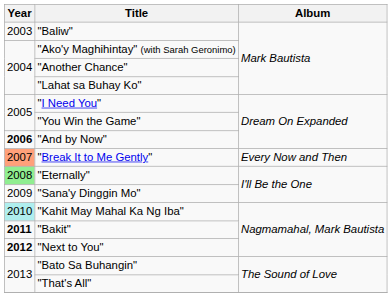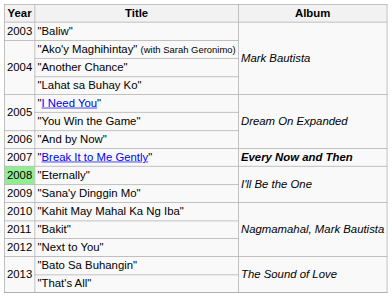 <table class=wikitable>
 <tr>
 <th>Year</th>
 <th>Title</th>
 <th>Album</th>
 </tr>
 <tr>
 <td>2003</td>
 <td>"Baliw"</td>
 <td rowspan=4><em>Mark Bautista</em></td>
 </tr>
 <tr>
 <td rowspan=3>2004</td>
 <td>"Ako'y Maghihintay" <small>(with Sarah Geronimo)</small></td>
 </tr>
 <tr>
 <td>"Another Chance"</td>
 </tr>
 <tr>
 <td>"Lahat sa Buhay Ko"</td>
 </tr>
 <tr>
 <td rowspan=2>2005</td>
 <td>"<a href='#'>I Need You</a>"</td>
 <td rowspan=3><em>Dream On Expanded</em></td>
 </tr>
 <tr>
 <td>"You Win the Game"</td>
 </tr>
 <tr>
-<td><strong>2006</strong></td>
+<td>2006</td>
 <td>"And by Now"</td>
 </tr>
 <tr>
-<td style="background: lightsalmon;">2007</td>
+<td>2007</td>
 <td>"<a href='#'>Break It to Me Gently</a>"</td>
-<td><em>Every Now and Then</em></td>
+<td><strong><em>Every Now and Then</em></strong></td>
 </tr>
 <tr>
 <td style="background: lightgreen;">2008</td>
 <td>"Eternally"</td>
 <td rowspan=2><em>I'll Be the One</em></td>
 </tr>
 <tr>
 <td>2009</td>
 <td>"Sana'y Dinggin Mo"</td>
 </tr>
 <tr>
-<td style="background: paleturquoise;">2010</td>
+<td>2010</td>
 <td>"Kahit May Mahal Ka Ng Iba"</td>
 <td rowspan=3><em>Nagmamahal, Mark Bautista</em></td>
 </tr>
 <tr>
-<td><strong>2011</strong></td>
+<td>2011</td>
 <td>"Bakit"</td>
 </tr>
 <tr>
-<td><strong>2012</strong></td>
+<td>2012</td>
 <td>"Next to You"</td>
 </tr>
 <tr>
 <td rowspan=2>2013</td>
 <td>"Bato Sa Buhangin"</td>
 <td rowspan=2><em>The Sound of Love</em></td>
 </tr>
 <tr>
 <td>"That's All"</td>
 </tr>
 <tr>
 </tr>
 </table>
